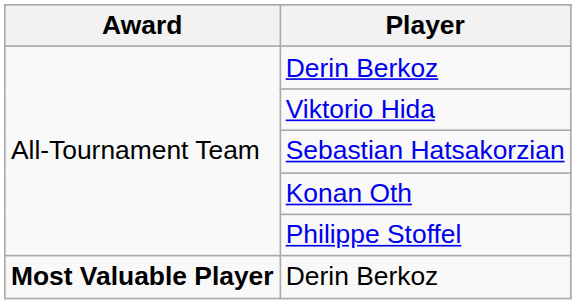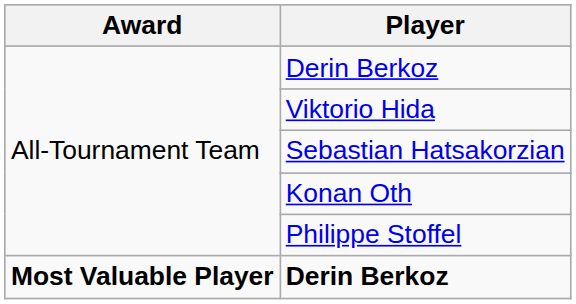 <table class="wikitable">
 <tr>
 <th>Award</th>
 <th>Player</th>
 </tr>
 <tr>
 <td rowspan=5>All-Tournament Team</td>
 <td> <a href='#'>Derin Berkoz</a></td>
 </tr>
 <tr>
 <td> <a href='#'>Viktorio Hida</a></td>
 </tr>
 <tr>
 <td> <a href='#'>Sebastian Hatsakorzian</a></td>
 </tr>
 <tr>
 <td> <a href='#'>Konan Oth</a></td>
 </tr>
 <tr>
 <td> <a href='#'>Philippe Stoffel</a></td>
 </tr>
 <tr>
 <td><strong>Most Valuable Player</strong></td>
-<td> Derin Berkoz</td>
+<td><strong> Derin Berkoz</strong></td>
 </tr>
 </table>
